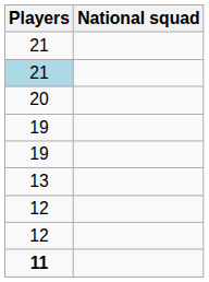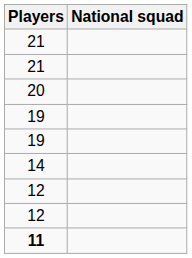 <table class="wikitable sortable">
 <tr>
 <th>Players</th>
 <th>National squad</th>
 </tr>
 <tr>
 <td align="center">21</td>
 <td></td>
 </tr>
 <tr>
-<td align="center" style="background: lightblue;">21</td>
+<td align="center">21</td>
 <td></td>
 </tr>
 <tr>
 <td align="center">20</td>
 <td></td>
 </tr>
 <tr>
 <td align="center">19</td>
 <td></td>
 </tr>
 <tr>
 <td align="center">19</td>
 <td></td>
 </tr>
 <tr>
-<td align="center">13</td>
+<td align="center">14</td>
 <td></td>
 </tr>
 <tr>
 <td align="center">12</td>
 <td></td>
 </tr>
 <tr>
 <td align="center">12</td>
 <td></td>
 </tr>
 <tr>
 <td align="center"><strong>11</strong></td>
 <td></td>
 </tr>
 </table>
